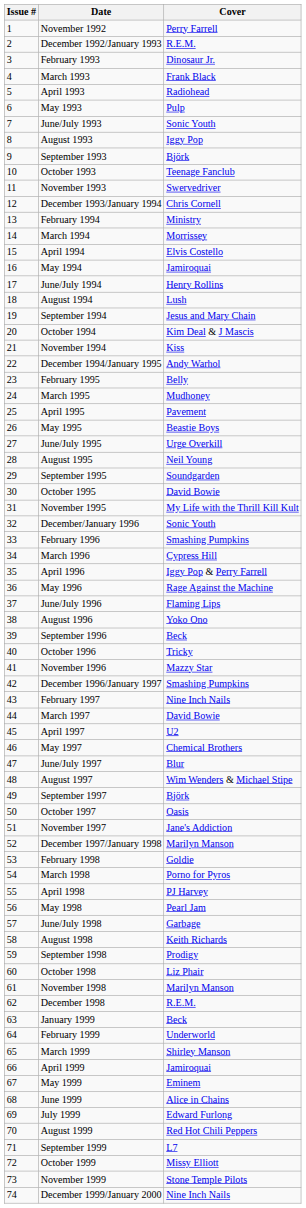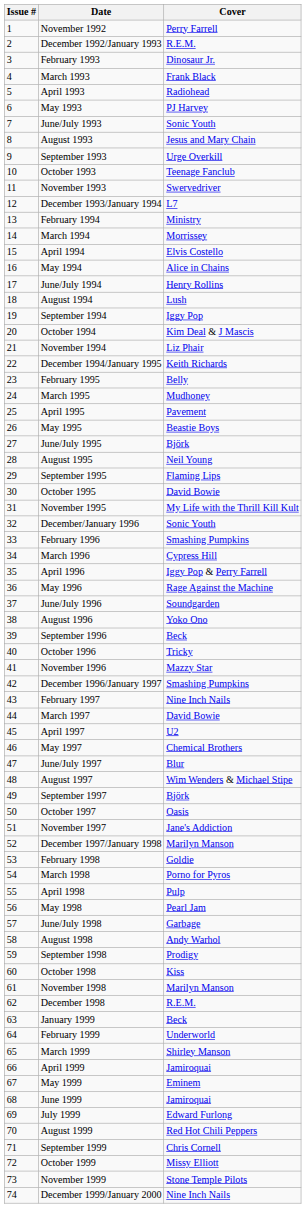 <table class="wikitable">
 <tr>
 <th>Issue #</th>
 <th>Date</th>
 <th>Cover</th>
 </tr>
 <tr>
 <td>1</td>
 <td>November 1992</td>
 <td><a href='#'>Perry Farrell</a></td>
 </tr>
 <tr>
 <td>2</td>
 <td>December 1992/January 1993</td>
 <td><a href='#'>R.E.M.</a></td>
 </tr>
 <tr>
 <td>3</td>
 <td>February 1993</td>
 <td><a href='#'>Dinosaur Jr.</a></td>
 </tr>
 <tr>
 <td>4</td>
 <td>March 1993</td>
 <td><a href='#'>Frank Black</a></td>
 </tr>
 <tr>
 <td>5</td>
 <td>April 1993</td>
 <td><a href='#'>Radiohead</a></td>
 </tr>
 <tr>
 <td>6</td>
 <td>May 1993</td>
-<td><a href='#'>Pulp</a></td>
+<td><a href='#'>PJ Harvey</a></td>
 </tr>
 <tr>
 <td>7</td>
 <td>June/July 1993</td>
 <td><a href='#'>Sonic Youth</a></td>
 </tr>
 <tr>
 <td>8</td>
 <td>August 1993</td>
-<td><a href='#'>Iggy Pop</a></td>
+<td><a href='#'>Jesus and Mary Chain</a></td>
 </tr>
 <tr>
 <td>9</td>
 <td>September 1993</td>
-<td><a href='#'>Björk</a></td>
+<td><a href='#'>Urge Overkill</a></td>
 </tr>
 <tr>
 <td>10</td>
 <td>October 1993</td>
 <td><a href='#'>Teenage Fanclub</a></td>
 </tr>
 <tr>
 <td>11</td>
 <td>November 1993</td>
 <td><a href='#'>Swervedriver</a></td>
 </tr>
 <tr>
 <td>12</td>
 <td>December 1993/January 1994</td>
-<td><a href='#'>Chris Cornell</a></td>
+<td><a href='#'>L7</a></td>
 </tr>
 <tr>
 <td>13</td>
 <td>February 1994</td>
 <td><a href='#'>Ministry</a></td>
 </tr>
 <tr>
 <td>14</td>
 <td>March 1994</td>
 <td><a href='#'>Morrissey</a></td>
 </tr>
 <tr>
 <td>15</td>
 <td>April 1994</td>
 <td><a href='#'>Elvis Costello</a></td>
 </tr>
 <tr>
 <td>16</td>
 <td>May 1994</td>
-<td><a href='#'>Jamiroquai</a></td>
+<td><a href='#'>Alice in Chains</a></td>
 </tr>
 <tr>
 <td>17</td>
 <td>June/July 1994</td>
 <td><a href='#'>Henry Rollins</a></td>
 </tr>
 <tr>
 <td>18</td>
 <td>August 1994</td>
 <td><a href='#'>Lush</a></td>
 </tr>
 <tr>
 <td>19</td>
 <td>September 1994</td>
-<td><a href='#'>Jesus and Mary Chain</a></td>
+<td><a href='#'>Iggy Pop</a></td>
 </tr>
 <tr>
 <td>20</td>
 <td>October 1994</td>
 <td><a href='#'>Kim Deal</a> & <a href='#'>J Mascis</a></td>
 </tr>
 <tr>
 <td>21</td>
 <td>November 1994</td>
-<td><a href='#'>Kiss</a></td>
+<td><a href='#'>Liz Phair</a></td>
 </tr>
 <tr>
 <td>22</td>
 <td>December 1994/January 1995</td>
-<td><a href='#'>Andy Warhol</a></td>
+<td><a href='#'>Keith Richards</a></td>
 </tr>
 <tr>
 <td>23</td>
 <td>February 1995</td>
 <td><a href='#'>Belly</a></td>
 </tr>
 <tr>
 <td>24</td>
 <td>March 1995</td>
 <td><a href='#'>Mudhoney</a></td>
 </tr>
 <tr>
 <td>25</td>
 <td>April 1995</td>
 <td><a href='#'>Pavement</a></td>
 </tr>
 <tr>
 <td>26</td>
 <td>May 1995</td>
 <td><a href='#'>Beastie Boys</a></td>
 </tr>
 <tr>
 <td>27</td>
 <td>June/July 1995</td>
-<td><a href='#'>Urge Overkill</a></td>
+<td><a href='#'>Björk</a></td>
 </tr>
 <tr>
 <td>28</td>
 <td>August 1995</td>
 <td><a href='#'>Neil Young</a></td>
 </tr>
 <tr>
 <td>29</td>
 <td>September 1995</td>
-<td><a href='#'>Soundgarden</a></td>
+<td><a href='#'>Flaming Lips</a></td>
 </tr>
 <tr>
 <td>30</td>
 <td>October 1995</td>
 <td><a href='#'>David Bowie</a></td>
 </tr>
 <tr>
 <td>31</td>
 <td>November 1995</td>
 <td><a href='#'>My Life with the Thrill Kill Kult</a></td>
 </tr>
 <tr>
 <td>32</td>
 <td>December/January 1996</td>
 <td><a href='#'>Sonic Youth</a></td>
 </tr>
 <tr>
 <td>33</td>
 <td>February 1996</td>
 <td><a href='#'>Smashing Pumpkins</a></td>
 </tr>
 <tr>
 <td>34</td>
 <td>March 1996</td>
 <td><a href='#'>Cypress Hill</a></td>
 </tr>
 <tr>
 <td>35</td>
 <td>April 1996</td>
 <td><a href='#'>Iggy Pop</a> & <a href='#'>Perry Farrell</a></td>
 </tr>
 <tr>
 <td>36</td>
 <td>May 1996</td>
 <td><a href='#'>Rage Against the Machine</a></td>
 </tr>
 <tr>
 <td>37</td>
 <td>June/July 1996</td>
-<td><a href='#'>Flaming Lips</a></td>
+<td><a href='#'>Soundgarden</a></td>
 </tr>
 <tr>
 <td>38</td>
 <td>August 1996</td>
 <td><a href='#'>Yoko Ono</a></td>
 </tr>
 <tr>
 <td>39</td>
 <td>September 1996</td>
 <td><a href='#'>Beck</a></td>
 </tr>
 <tr>
 <td>40</td>
 <td>October 1996</td>
 <td><a href='#'>Tricky</a></td>
 </tr>
 <tr>
 <td>41</td>
 <td>November 1996</td>
 <td><a href='#'>Mazzy Star</a></td>
 </tr>
 <tr>
 <td>42</td>
 <td>December 1996/January 1997</td>
 <td><a href='#'>Smashing Pumpkins</a></td>
 </tr>
 <tr>
 <td>43</td>
 <td>February 1997</td>
 <td><a href='#'>Nine Inch Nails</a></td>
 </tr>
 <tr>
 <td>44</td>
 <td>March 1997</td>
 <td><a href='#'>David Bowie</a></td>
 </tr>
 <tr>
 <td>45</td>
 <td>April 1997</td>
 <td><a href='#'>U2</a></td>
 </tr>
 <tr>
 <td>46</td>
 <td>May 1997</td>
 <td><a href='#'>Chemical Brothers</a></td>
 </tr>
 <tr>
 <td>47</td>
 <td>June/July 1997</td>
 <td><a href='#'>Blur</a></td>
 </tr>
 <tr>
 <td>48</td>
 <td>August 1997</td>
 <td><a href='#'>Wim Wenders</a> & <a href='#'>Michael Stipe</a></td>
 </tr>
 <tr>
 <td>49</td>
 <td>September 1997</td>
 <td><a href='#'>Björk</a></td>
 </tr>
 <tr>
 <td>50</td>
 <td>October 1997</td>
 <td><a href='#'>Oasis</a></td>
 </tr>
 <tr>
 <td>51</td>
 <td>November 1997</td>
 <td><a href='#'>Jane's Addiction</a></td>
 </tr>
 <tr>
 <td>52</td>
 <td>December 1997/January 1998</td>
 <td><a href='#'>Marilyn Manson</a></td>
 </tr>
 <tr>
 <td>53</td>
 <td>February 1998</td>
 <td><a href='#'>Goldie</a></td>
 </tr>
 <tr>
 <td>54</td>
 <td>March 1998</td>
 <td><a href='#'>Porno for Pyros</a></td>
 </tr>
 <tr>
 <td>55</td>
 <td>April 1998</td>
-<td><a href='#'>PJ Harvey</a></td>
+<td><a href='#'>Pulp</a></td>
 </tr>
 <tr>
 <td>56</td>
 <td>May 1998</td>
 <td><a href='#'>Pearl Jam</a></td>
 </tr>
 <tr>
 <td>57</td>
 <td>June/July 1998</td>
 <td><a href='#'>Garbage</a></td>
 </tr>
 <tr>
 <td>58</td>
 <td>August 1998</td>
-<td><a href='#'>Keith Richards</a></td>
+<td><a href='#'>Andy Warhol</a></td>
 </tr>
 <tr>
 <td>59</td>
 <td>September 1998</td>
 <td><a href='#'>Prodigy</a></td>
 </tr>
 <tr>
 <td>60</td>
 <td>October 1998</td>
-<td><a href='#'>Liz Phair</a></td>
+<td><a href='#'>Kiss</a></td>
 </tr>
 <tr>
 <td>61</td>
 <td>November 1998</td>
 <td><a href='#'>Marilyn Manson</a></td>
 </tr>
 <tr>
 <td>62</td>
 <td>December 1998</td>
 <td><a href='#'>R.E.M.</a></td>
 </tr>
 <tr>
 <td>63</td>
 <td>January 1999</td>
 <td><a href='#'>Beck</a></td>
 </tr>
 <tr>
 <td>64</td>
 <td>February 1999</td>
 <td><a href='#'>Underworld</a></td>
 </tr>
 <tr>
 <td>65</td>
 <td>March 1999</td>
 <td><a href='#'>Shirley Manson</a></td>
 </tr>
 <tr>
 <td>66</td>
 <td>April 1999</td>
 <td><a href='#'>Jamiroquai</a></td>
 </tr>
 <tr>
 <td>67</td>
 <td>May 1999</td>
 <td><a href='#'>Eminem</a></td>
 </tr>
 <tr>
 <td>68</td>
 <td>June 1999</td>
-<td><a href='#'>Alice in Chains</a></td>
+<td><a href='#'>Jamiroquai</a></td>
 </tr>
 <tr>
 <td>69</td>
 <td>July 1999</td>
 <td><a href='#'>Edward Furlong</a></td>
 </tr>
 <tr>
 <td>70</td>
 <td>August 1999</td>
 <td><a href='#'>Red Hot Chili Peppers</a></td>
 </tr>
 <tr>
 <td>71</td>
 <td>September 1999</td>
-<td><a href='#'>L7</a></td>
+<td><a href='#'>Chris Cornell</a></td>
 </tr>
 <tr>
 <td>72</td>
 <td>October 1999</td>
 <td><a href='#'>Missy Elliott</a></td>
 </tr>
 <tr>
 <td>73</td>
 <td>November 1999</td>
 <td><a href='#'>Stone Temple Pilots</a></td>
 </tr>
 <tr>
 <td>74</td>
 <td>December 1999/January 2000</td>
 <td><a href='#'>Nine Inch Nails</a></td>
 </tr>
 </table>
